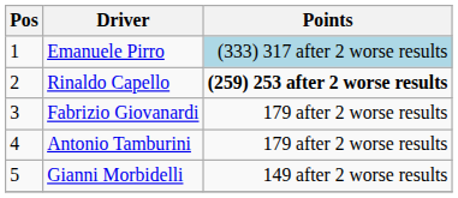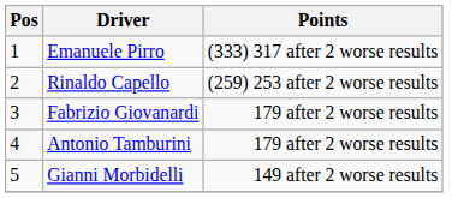 <table class="wikitable" style="font-size: 85%;">
 <tr>
 <th>Pos</th>
 <th>Driver</th>
 <th>Points</th>
 </tr>
 <tr>
 <td>1</td>
 <td> <a href='#'>Emanuele Pirro</a></td>
-<td align="right" style="background: lightblue;">(333) 317 after 2 worse results</td>
+<td align="right">(333) 317 after 2 worse results</td>
 </tr>
 <tr>
 <td>2</td>
 <td> <a href='#'>Rinaldo Capello</a></td>
-<td align="right"><strong>(259) 253 after 2 worse results</strong></td>
+<td align="right">(259) 253 after 2 worse results</td>
 </tr>
 <tr>
 <td>3</td>
 <td> <a href='#'>Fabrizio Giovanardi</a></td>
 <td align="right">179 after 2 worse results</td>
 </tr>
 <tr>
 <td>4</td>
 <td> <a href='#'>Antonio Tamburini</a></td>
 <td align="right">179 after 2 worse results</td>
 </tr>
 <tr>
 <td>5</td>
 <td> <a href='#'>Gianni Morbidelli</a></td>
 <td align="right">149 after 2 worse results</td>
 </tr>
 <tr>
 </tr>
 </table>
